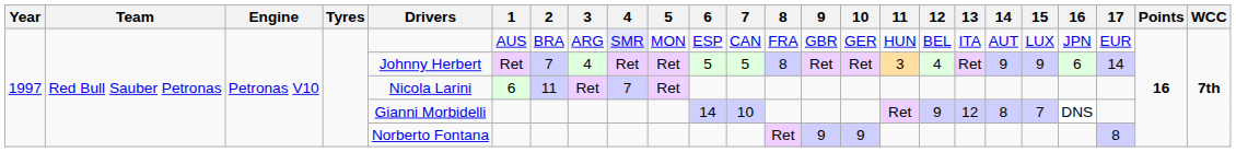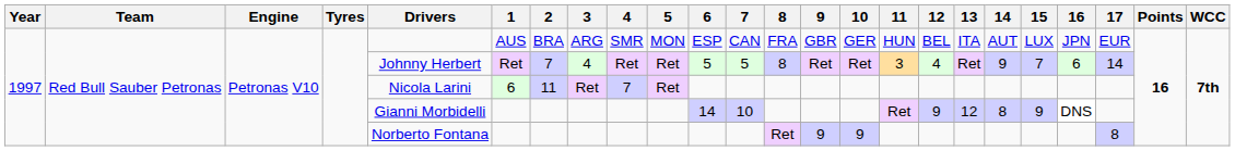 <table class="wikitable" style="text-align:center; font-size:95%">
 <tr>
 <th>Year</th>
 <th>Team</th>
 <th>Engine</th>
 <th>Tyres</th>
 <th>Drivers</th>
 <th>1</th>
 <th>2</th>
 <th>3</th>
 <th>4</th>
 <th>5</th>
 <th>6</th>
 <th>7</th>
 <th>8</th>
 <th>9</th>
 <th>10</th>
 <th>11</th>
 <th>12</th>
 <th>13</th>
 <th>14</th>
 <th>15</th>
 <th>16</th>
 <th>17</th>
 <th>Points</th>
 <th>WCC</th>
 </tr>
 <tr>
 <td rowspan="5"><a href='#'>1997</a></td>
 <td rowspan="5"><a href='#'>Red Bull</a> <a href='#'>Sauber</a> <a href='#'>Petronas</a></td>
 <td rowspan="5"><a href='#'>Petronas</a> <a href='#'>V10</a></td>
 <td rowspan="5"></td>
 <td></td>
 <td><a href='#'>AUS</a></td>
 <td><a href='#'>BRA</a></td>
 <td><a href='#'>ARG</a></td>
-<td style="background: lavender;"><a href='#'>SMR</a></td>
+<td><a href='#'>SMR</a></td>
 <td><a href='#'>MON</a></td>
 <td><a href='#'>ESP</a></td>
 <td><a href='#'>CAN</a></td>
 <td><a href='#'>FRA</a></td>
 <td><a href='#'>GBR</a></td>
 <td><a href='#'>GER</a></td>
 <td><a href='#'>HUN</a></td>
 <td><a href='#'>BEL</a></td>
 <td><a href='#'>ITA</a></td>
 <td><a href='#'>AUT</a></td>
 <td><a href='#'>LUX</a></td>
 <td><a href='#'>JPN</a></td>
 <td><a href='#'>EUR</a></td>
 <td rowspan="5"><strong>16</strong></td>
 <td rowspan="5"><strong>7th</strong></td>
 </tr>
 <tr>
 <td> <a href='#'>Johnny Herbert</a></td>
 <td style="background:#EFCFFF;">Ret</td>
 <td style="background:#CFCFFF;">7</td>
 <td style="background:#DFFFDF;">4</td>
 <td style="background:#EFCFFF;">Ret</td>
 <td style="background:#EFCFFF;">Ret</td>
 <td style="background:#DFFFDF;">5</td>
 <td style="background:#DFFFDF;">5</td>
 <td style="background:#CFCFFF;">8</td>
 <td style="background:#EFCFFF;">Ret</td>
 <td style="background:#EFCFFF;">Ret</td>
 <td style="background:#FFDF9F;">3</td>
 <td style="background:#DFFFDF;">4</td>
 <td style="background:#EFCFFF;">Ret</td>
 <td style="background:#CFCFFF;">9</td>
-<td style="background:#CFCFFF;">9</td>
+<td style="background:#CFCFFF;">7</td>
 <td style="background:#DFFFDF;">6</td>
 <td style="background:#CFCFFF;">14</td>
 </tr>
 <tr>
 <td> <a href='#'>Nicola Larini</a></td>
 <td style="background:#DFFFDF;">6</td>
 <td style="background:#CFCFFF;">11</td>
 <td style="background:#EFCFFF;">Ret</td>
 <td style="background:#CFCFFF;">7</td>
 <td style="background:#EFCFFF;">Ret</td>
 <td></td>
 <td></td>
 <td></td>
 <td></td>
 <td></td>
 <td></td>
 <td></td>
 <td></td>
 <td></td>
 <td></td>
 <td></td>
 <td></td>
 </tr>
 <tr>
 <td> <a href='#'>Gianni Morbidelli</a></td>
 <td></td>
 <td></td>
 <td></td>
 <td></td>
 <td></td>
 <td style="background:#CFCFFF;">14</td>
 <td style="background:#CFCFFF;">10</td>
 <td></td>
 <td></td>
 <td></td>
 <td style="background:#EFCFFF;">Ret</td>
 <td style="background:#CFCFFF;">9</td>
 <td style="background:#CFCFFF;">12</td>
 <td style="background:#CFCFFF;">8</td>
-<td style="background:#CFCFFF;">7</td>
+<td style="background:#CFCFFF;">9</td>
 <td style="background:#FFFFFF;">DNS</td>
 <td></td>
 </tr>
 <tr>
 <td> <a href='#'>Norberto Fontana</a></td>
 <td></td>
 <td></td>
 <td></td>
 <td></td>
 <td></td>
 <td></td>
 <td></td>
 <td style="background:#EFCFFF;">Ret</td>
 <td style="background:#CFCFFF;">9</td>
 <td style="background:#CFCFFF;">9</td>
 <td></td>
 <td></td>
 <td></td>
 <td></td>
 <td></td>
 <td></td>
 <td style="background:#CFCFFF;">8</td>
 </tr>
 </table>
